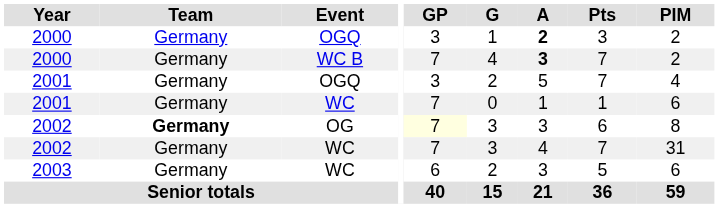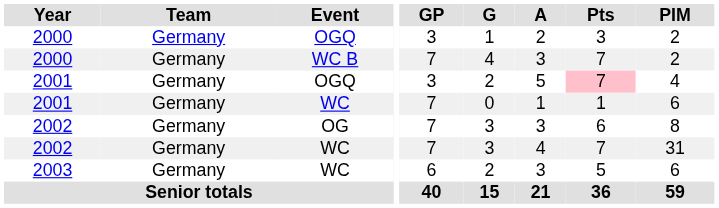 <table border="0" cellpadding="1" cellspacing="0" ID="Table3" style="text-align:center; width:40em">
 <tr ALIGN="center" bgcolor="#e0e0e0">
 <th>Year</th>
 <th>Team</th>
 <th>Event</th>
 <th rowspan="99" bgcolor="#ffffff"></th>
 <th>GP</th>
 <th>G</th>
 <th>A</th>
 <th>Pts</th>
 <th>PIM</th>
 </tr>
 <tr>
 <td><a href='#'>2000</a></td>
 <td><a href='#'>Germany</a></td>
 <td><a href='#'>OGQ</a></td>
 <td>3</td>
 <td>1</td>
-<td><strong>2</strong></td>
+<td>2</td>
 <td>3</td>
 <td>2</td>
 </tr>
 <tr bgcolor="#f0f0f0">
 <td><a href='#'>2000</a></td>
 <td>Germany</td>
 <td><a href='#'>WC B</a></td>
 <td>7</td>
 <td>4</td>
-<td><strong>3</strong></td>
+<td>3</td>
 <td>7</td>
 <td>2</td>
 </tr>
 <tr>
 <td><a href='#'>2001</a></td>
 <td>Germany</td>
 <td>OGQ</td>
 <td>3</td>
 <td>2</td>
 <td>5</td>
-<td>7</td>
+<td style="background: pink;">7</td>
 <td>4</td>
 </tr>
 <tr bgcolor="#f0f0f0">
 <td><a href='#'>2001</a></td>
 <td>Germany</td>
 <td><a href='#'>WC</a></td>
 <td>7</td>
 <td>0</td>
 <td>1</td>
 <td>1</td>
 <td>6</td>
 </tr>
 <tr>
 <td><a href='#'>2002</a></td>
-<td><strong>Germany</strong></td>
+<td>Germany</td>
 <td>OG</td>
-<td style="background: lightyellow;">7</td>
+<td>7</td>
 <td>3</td>
 <td>3</td>
 <td>6</td>
 <td>8</td>
 </tr>
 <tr bgcolor="#f0f0f0">
 <td><a href='#'>2002</a></td>
 <td>Germany</td>
 <td>WC</td>
 <td>7</td>
 <td>3</td>
 <td>4</td>
 <td>7</td>
 <td>31</td>
 </tr>
 <tr>
 <td><a href='#'>2003</a></td>
 <td>Germany</td>
 <td>WC</td>
 <td>6</td>
 <td>2</td>
 <td>3</td>
 <td>5</td>
 <td>6</td>
 </tr>
 <tr bgcolor="#e0e0e0">
 <th colspan="3">Senior totals</th>
 <th>40</th>
 <th>15</th>
 <th>21</th>
 <th>36</th>
 <th>59</th>
 </tr>
 </table>
